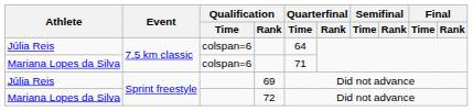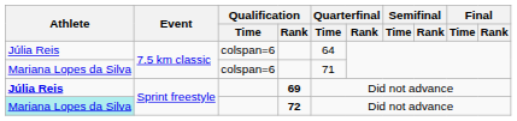 <table class="wikitable" style="font-size:90%">
 <tr>
 <th rowspan="2">Athlete</th>
 <th rowspan="2">Event</th>
 <th colspan="2">Qualification</th>
 <th colspan="2">Quarterfinal</th>
 <th colspan="2">Semifinal</th>
 <th colspan="2">Final</th>
 </tr>
 <tr style="font-size:95%">
 <th>Time</th>
 <th>Rank</th>
 <th>Time</th>
 <th>Rank</th>
 <th>Time</th>
 <th>Rank</th>
 <th>Time</th>
 <th>Rank</th>
 </tr>
 <tr align=center>
 <td align=left><a href='#'>Júlia Reis</a></td>
 <td align=left rowspan=2><a href='#'>7.5 km classic</a></td>
 <td>colspan=6 </td>
 <td></td>
 <td>64</td>
 </tr>
 <tr align=center>
 <td align=left><a href='#'>Mariana Lopes da Silva</a></td>
 <td>colspan=6 </td>
 <td></td>
 <td>71</td>
 </tr>
 <tr align=center>
-<td align=left><a href='#'>Júlia Reis</a></td>
+<td align=left><strong><a href='#'>Júlia Reis</a></strong></td>
 <td align=left rowspan=2><a href='#'>Sprint freestyle</a></td>
 <td></td>
-<td>69</td>
+<td><strong>69</strong></td>
 <td colspan=6>Did not advance</td>
 </tr>
 <tr align=center>
-<td align=left><a href='#'>Mariana Lopes da Silva</a></td>
+<td align=left style="background: paleturquoise;"><a href='#'>Mariana Lopes da Silva</a></td>
 <td></td>
-<td>72</td>
+<td><strong>72</strong></td>
 <td colspan=6>Did not advance</td>
 </tr>
 </table>
